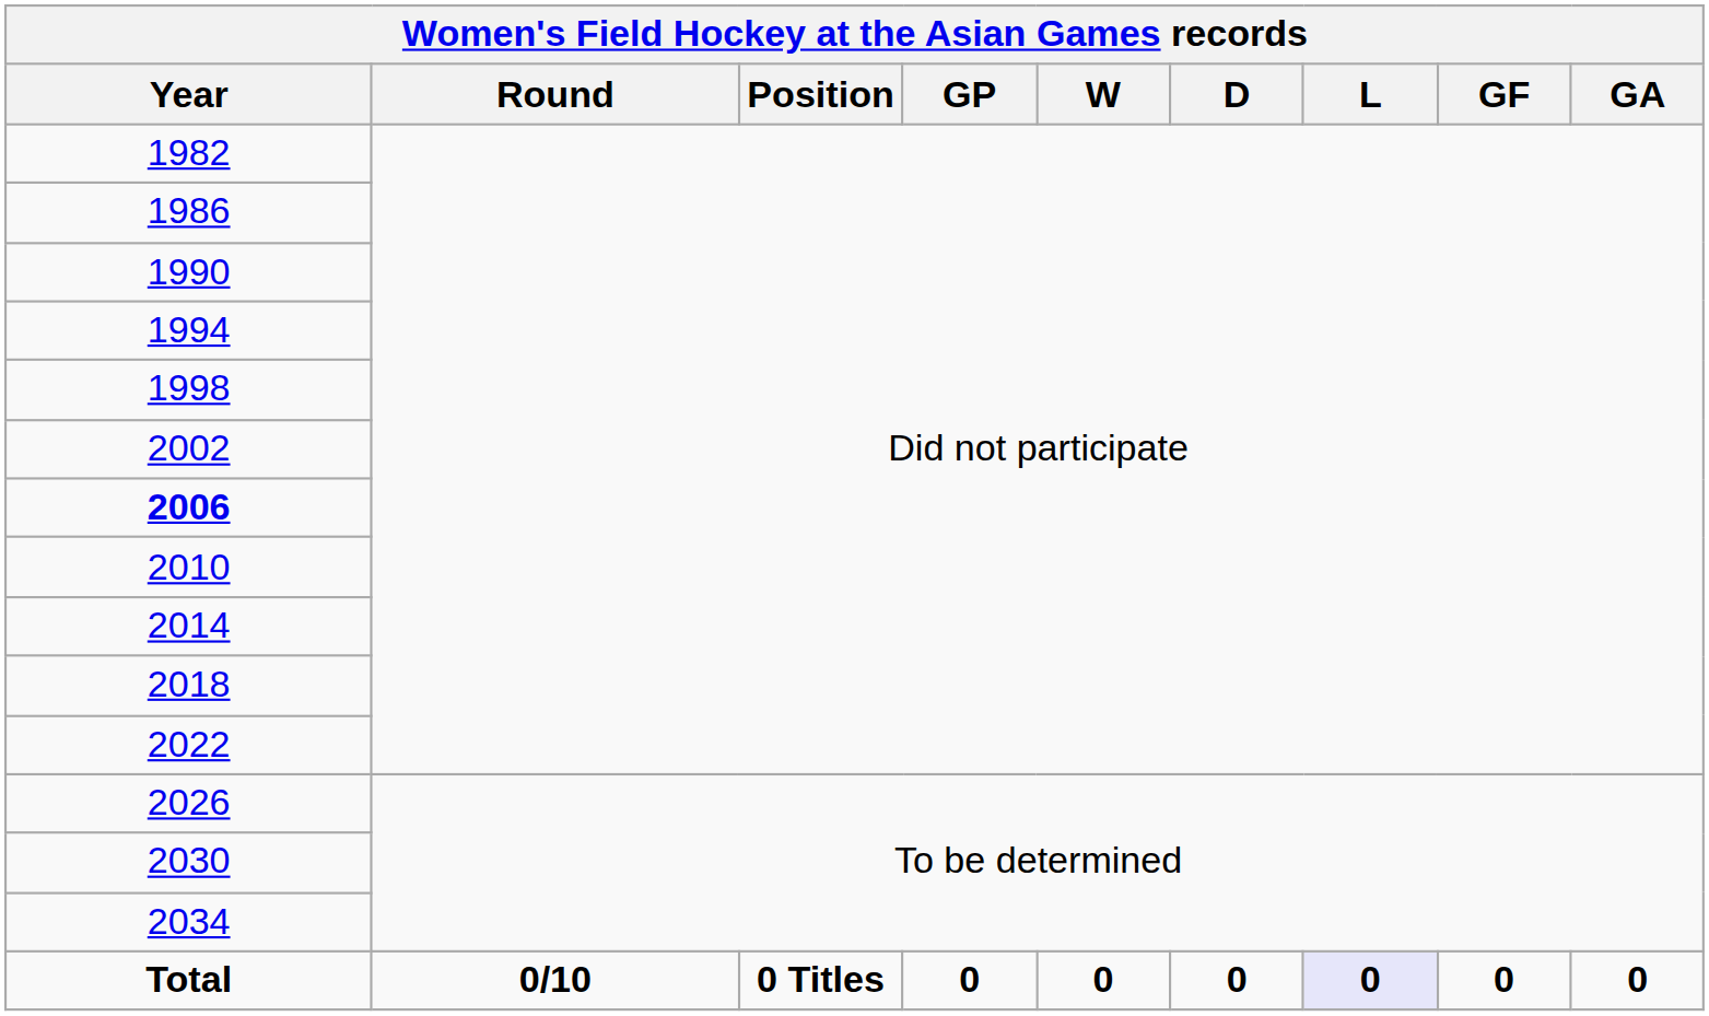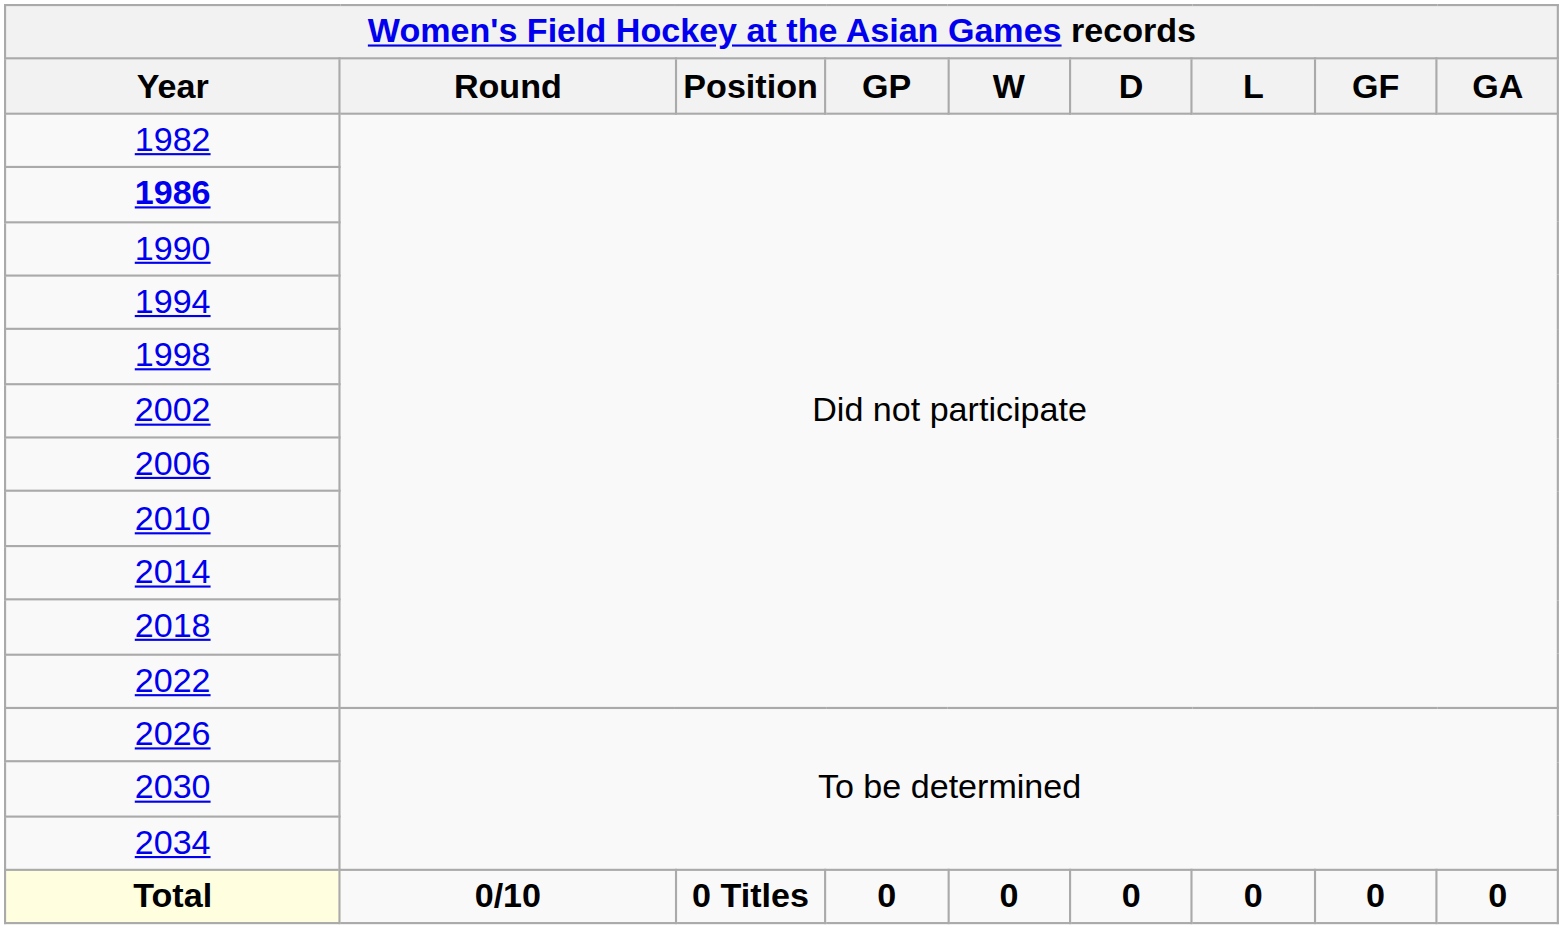 <table class="wikitable" style="text-align: center;">
 <tr>
 <th colspan=9><a href='#'>Women's Field Hockey at the Asian Games</a> records</th>
 </tr>
 <tr>
 <th width=150>Year</th>
 <th width=150>Round</th>
 <th width=50>Position</th>
 <th width=50>GP</th>
 <th width=50>W</th>
 <th width=50>D</th>
 <th width=50>L</th>
 <th width=50>GF</th>
 <th width=50>GA</th>
 </tr>
 <tr>
 <td> <a href='#'>1982</a></td>
 <td colspan=9  rowspan=11>Did not participate</td>
 </tr>
 <tr>
-<td> <a href='#'>1986</a></td>
+<td><strong> <a href='#'>1986</a></strong></td>
 </tr>
 <tr>
 <td> <a href='#'>1990</a></td>
 </tr>
 <tr>
 <td> <a href='#'>1994</a></td>
 </tr>
 <tr>
 <td> <a href='#'>1998</a></td>
 </tr>
 <tr>
 <td> <a href='#'>2002</a></td>
 </tr>
 <tr>
-<td><strong> <a href='#'>2006</a></strong></td>
+<td> <a href='#'>2006</a></td>
 </tr>
 <tr>
 <td> <a href='#'>2010</a></td>
 </tr>
 <tr>
 <td> <a href='#'>2014</a></td>
 </tr>
 <tr>
 <td> <a href='#'>2018</a></td>
 </tr>
 <tr>
 <td> <a href='#'>2022</a></td>
 </tr>
 <tr>
 <td> <a href='#'>2026</a></td>
 <td colspan=9  rowspan=3>To be determined</td>
 </tr>
 <tr>
 <td> <a href='#'>2030</a></td>
 </tr>
 <tr>
 <td> <a href='#'>2034</a></td>
 </tr>
 <tr>
-<td><strong>Total</strong></td>
+<td style="background: lightyellow;"><strong>Total</strong></td>
 <td><strong>0/10</strong></td>
 <td><strong>0 Titles</strong></td>
 <td><strong>0</strong></td>
 <td><strong>0</strong></td>
 <td><strong>0</strong></td>
-<td style="background: lavender;"><strong>0</strong></td>
+<td><strong>0</strong></td>
 <td><strong>0</strong></td>
 <td><strong>0</strong></td>
 </tr>
 </table>
